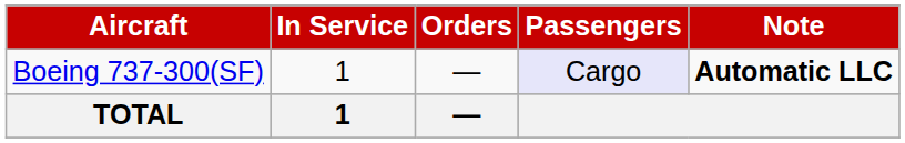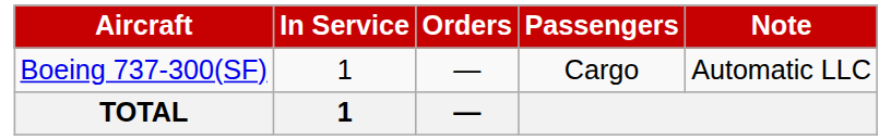 <table Class="wikitable" style= "text-align:center; margin: 1em auto;">
 <tr>
 <th style="background:#c70101; color:white;">Aircraft</th>
 <th style="background:#c70101; color:white;">In Service</th>
 <th style="background:#c70101; color:white;">Orders</th>
 <th style="background:#c70101; color:white;">Passengers</th>
 <th style="background:#c70101; color:white;">Note</th>
 </tr>
 <tr>
 <td rowspan="1"><a href='#'>Boeing 737-300(SF)</a></td>
 <td rowspan="1">1</td>
 <td rowspan="1">—</td>
-<td rowspan="1" style="background: lavender;"><abbr>Cargo</abbr></td>
-<td><strong> Automatic LLC</strong></td>
+<td rowspan="1"><abbr>Cargo</abbr></td>
+<td> Automatic LLC</td>
 </tr>
 <tr>
 <th>TOTAL</th>
 <th>1</th>
 <th>—</th>
 <th colspan="3"></th>
 </tr>
 </table>
